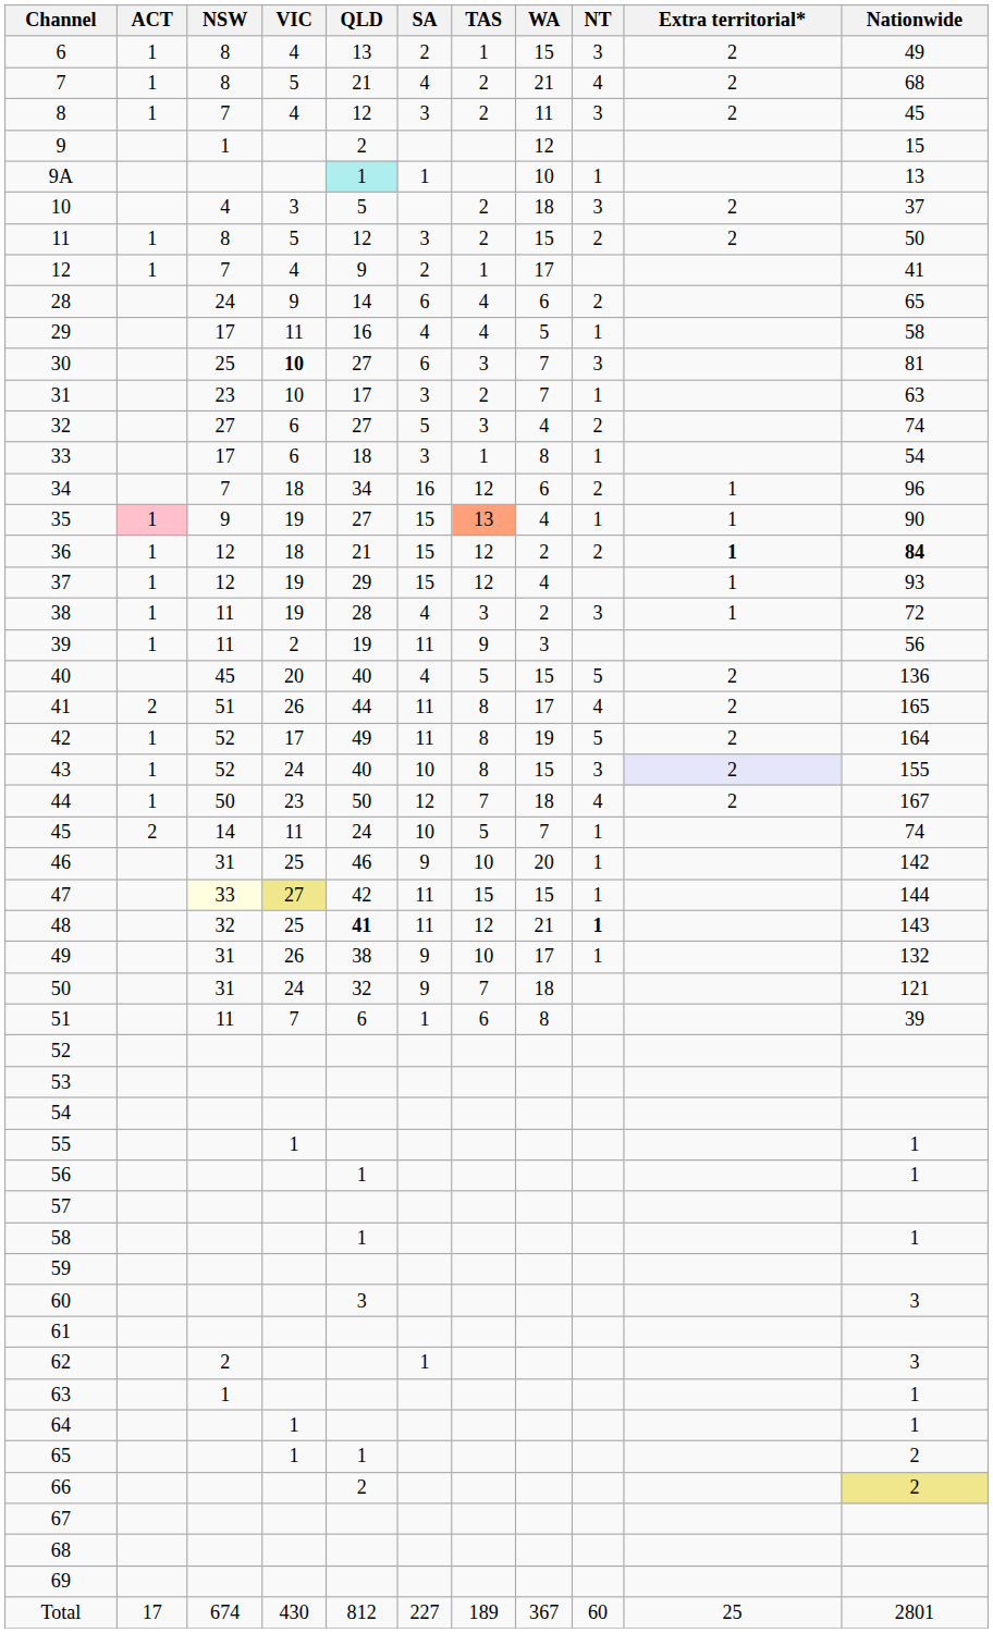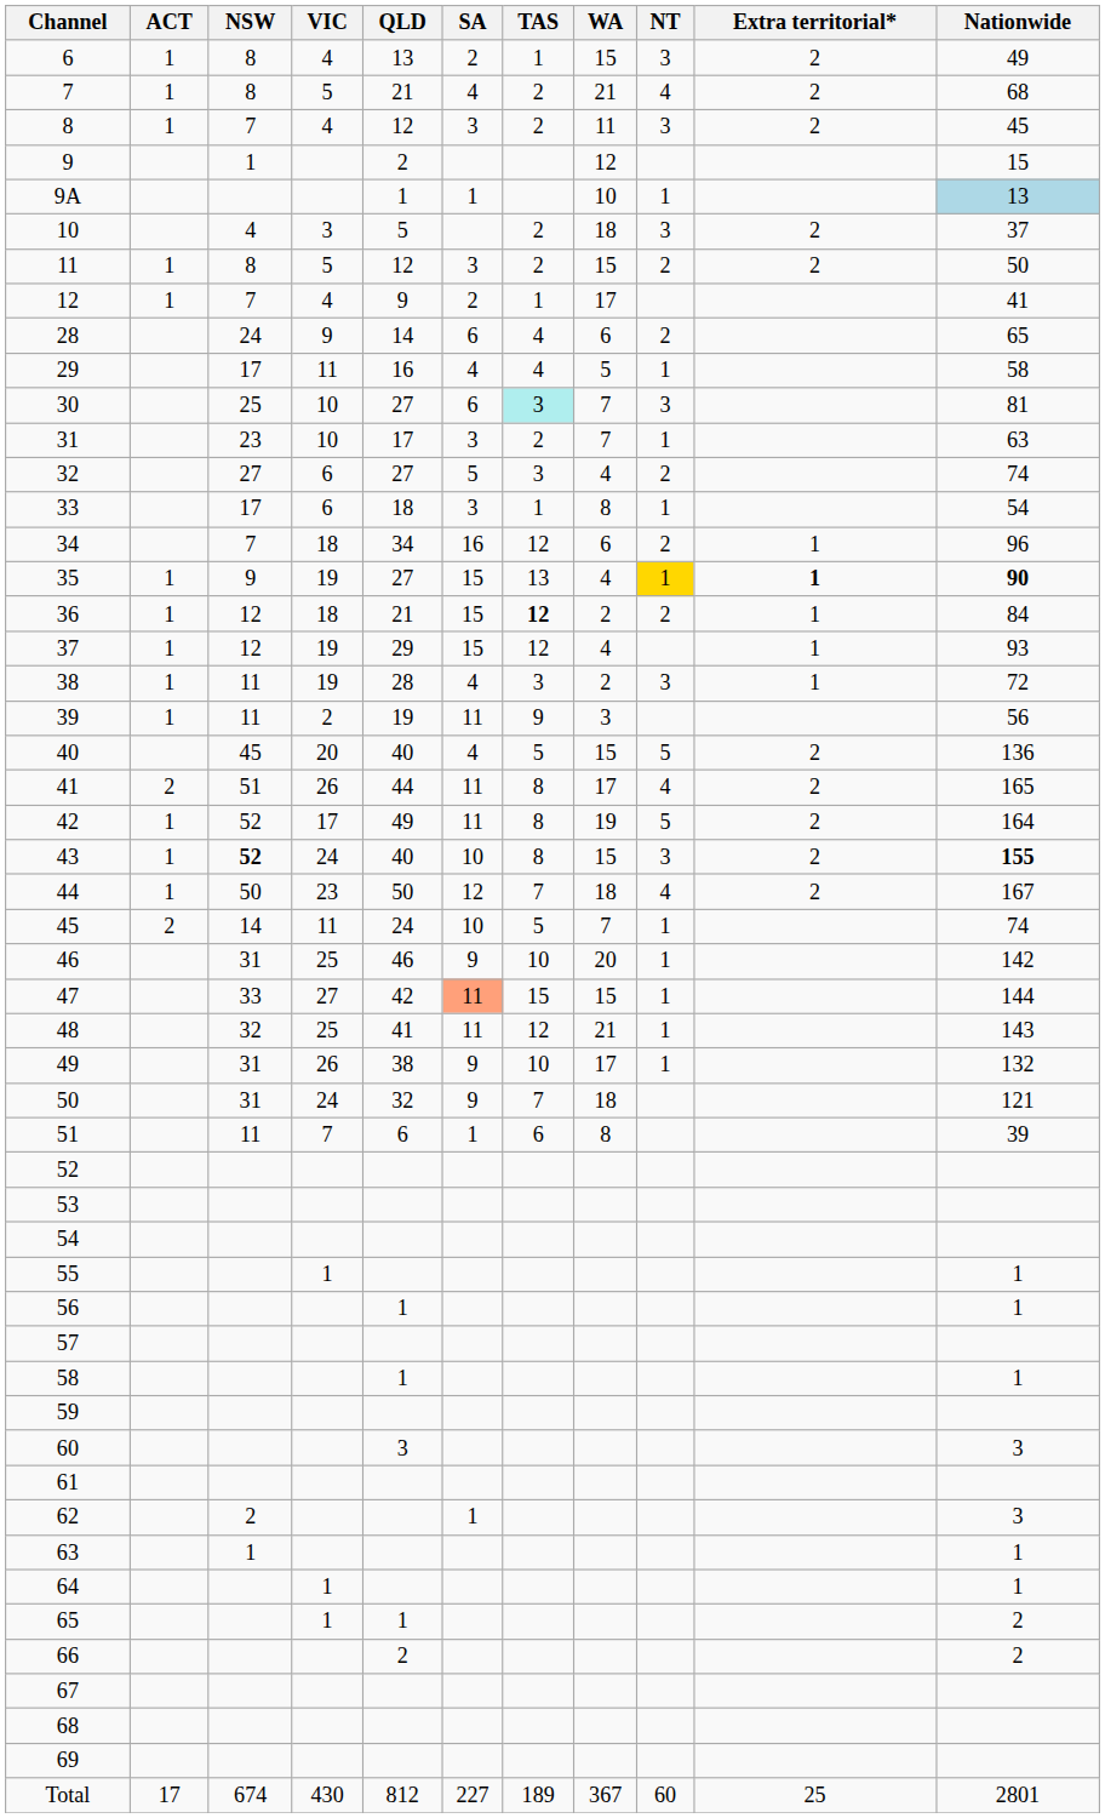 <table class="wikitable" style="text-align:center; width:800px; height:200px">
 <tr>
 <th>Channel</th>
 <th>ACT</th>
 <th>NSW</th>
 <th>VIC</th>
 <th>QLD</th>
 <th>SA</th>
 <th>TAS</th>
 <th>WA</th>
 <th>NT</th>
 <th>Extra territorial*</th>
 <th>Nationwide</th>
 </tr>
 <tr>
 <td>6</td>
 <td>1</td>
 <td>8</td>
 <td>4</td>
 <td>13</td>
 <td>2</td>
 <td>1</td>
 <td>15</td>
 <td>3</td>
 <td>2</td>
 <td>49</td>
 </tr>
 <tr>
 <td>7</td>
 <td>1</td>
 <td>8</td>
 <td>5</td>
 <td>21</td>
 <td>4</td>
 <td>2</td>
 <td>21</td>
 <td>4</td>
 <td>2</td>
 <td>68</td>
 </tr>
 <tr>
 <td>8</td>
 <td>1</td>
 <td>7</td>
 <td>4</td>
 <td>12</td>
 <td>3</td>
 <td>2</td>
 <td>11</td>
 <td>3</td>
 <td>2</td>
 <td>45</td>
 </tr>
 <tr>
 <td>9</td>
 <td></td>
 <td>1</td>
 <td></td>
 <td>2</td>
 <td></td>
 <td></td>
 <td>12</td>
 <td></td>
 <td></td>
 <td>15</td>
 </tr>
 <tr>
 <td>9A</td>
 <td></td>
 <td></td>
 <td></td>
-<td style="background: paleturquoise;">1</td>
+<td>1</td>
 <td>1</td>
 <td></td>
 <td>10</td>
 <td>1</td>
 <td></td>
-<td>13</td>
+<td style="background: lightblue;">13</td>
 </tr>
 <tr>
 <td>10</td>
 <td></td>
 <td>4</td>
 <td>3</td>
 <td>5</td>
 <td></td>
 <td>2</td>
 <td>18</td>
 <td>3</td>
 <td>2</td>
 <td>37</td>
 </tr>
 <tr>
 <td>11</td>
 <td>1</td>
 <td>8</td>
 <td>5</td>
 <td>12</td>
 <td>3</td>
 <td>2</td>
 <td>15</td>
 <td>2</td>
 <td>2</td>
 <td>50</td>
 </tr>
 <tr>
 <td>12</td>
 <td>1</td>
 <td>7</td>
 <td>4</td>
 <td>9</td>
 <td>2</td>
 <td>1</td>
 <td>17</td>
 <td></td>
 <td></td>
 <td>41</td>
 </tr>
 <tr>
 <td>28</td>
 <td></td>
 <td>24</td>
 <td>9</td>
 <td>14</td>
 <td>6</td>
 <td>4</td>
 <td>6</td>
 <td>2</td>
 <td></td>
 <td>65</td>
 </tr>
 <tr>
 <td>29</td>
 <td></td>
 <td>17</td>
 <td>11</td>
 <td>16</td>
 <td>4</td>
 <td>4</td>
 <td>5</td>
 <td>1</td>
 <td></td>
 <td>58</td>
 </tr>
 <tr>
 <td>30</td>
 <td></td>
 <td>25</td>
-<td><strong>10</strong></td>
+<td>10</td>
 <td>27</td>
 <td>6</td>
-<td>3</td>
+<td style="background: paleturquoise;">3</td>
 <td>7</td>
 <td>3</td>
 <td></td>
 <td>81</td>
 </tr>
 <tr>
 <td>31</td>
 <td></td>
 <td>23</td>
 <td>10</td>
 <td>17</td>
 <td>3</td>
 <td>2</td>
 <td>7</td>
 <td>1</td>
 <td></td>
 <td>63</td>
 </tr>
 <tr>
 <td>32</td>
 <td></td>
 <td>27</td>
 <td>6</td>
 <td>27</td>
 <td>5</td>
 <td>3</td>
 <td>4</td>
 <td>2</td>
 <td></td>
 <td>74</td>
 </tr>
 <tr>
 <td>33</td>
 <td></td>
 <td>17</td>
 <td>6</td>
 <td>18</td>
 <td>3</td>
 <td>1</td>
 <td>8</td>
 <td>1</td>
 <td></td>
 <td>54</td>
 </tr>
 <tr>
 <td>34</td>
 <td></td>
 <td>7</td>
 <td>18</td>
 <td>34</td>
 <td>16</td>
 <td>12</td>
 <td>6</td>
 <td>2</td>
 <td>1</td>
 <td>96</td>
 </tr>
 <tr>
 <td>35</td>
-<td style="background: pink;">1</td>
+<td>1</td>
 <td>9</td>
 <td>19</td>
 <td>27</td>
 <td>15</td>
-<td style="background: lightsalmon;">13</td>
+<td>13</td>
 <td>4</td>
-<td>1</td>
-<td>1</td>
-<td>90</td>
+<td style="background: gold;">1</td>
+<td><strong>1</strong></td>
+<td><strong>90</strong></td>
 </tr>
 <tr>
 <td>36</td>
 <td>1</td>
 <td>12</td>
 <td>18</td>
 <td>21</td>
 <td>15</td>
-<td>12</td>
+<td><strong>12</strong></td>
 <td>2</td>
 <td>2</td>
-<td><strong>1</strong></td>
-<td><strong>84</strong></td>
+<td>1</td>
+<td>84</td>
 </tr>
 <tr>
 <td>37</td>
 <td>1</td>
 <td>12</td>
 <td>19</td>
 <td>29</td>
 <td>15</td>
 <td>12</td>
 <td>4</td>
 <td></td>
 <td>1</td>
 <td>93</td>
 </tr>
 <tr>
 <td>38</td>
 <td>1</td>
 <td>11</td>
 <td>19</td>
 <td>28</td>
 <td>4</td>
 <td>3</td>
 <td>2</td>
 <td>3</td>
 <td>1</td>
 <td>72</td>
 </tr>
 <tr>
 <td>39</td>
 <td>1</td>
 <td>11</td>
 <td>2</td>
 <td>19</td>
 <td>11</td>
 <td>9</td>
 <td>3</td>
 <td></td>
 <td></td>
 <td>56</td>
 </tr>
 <tr>
 <td>40</td>
 <td></td>
 <td>45</td>
 <td>20</td>
 <td>40</td>
 <td>4</td>
 <td>5</td>
 <td>15</td>
 <td>5</td>
 <td>2</td>
 <td>136</td>
 </tr>
 <tr>
 <td>41</td>
 <td>2</td>
 <td>51</td>
 <td>26</td>
 <td>44</td>
 <td>11</td>
 <td>8</td>
 <td>17</td>
 <td>4</td>
 <td>2</td>
 <td>165</td>
 </tr>
 <tr>
 <td>42</td>
 <td>1</td>
 <td>52</td>
 <td>17</td>
 <td>49</td>
 <td>11</td>
 <td>8</td>
 <td>19</td>
 <td>5</td>
 <td>2</td>
 <td>164</td>
 </tr>
 <tr>
 <td>43</td>
 <td>1</td>
-<td>52</td>
+<td><strong>52</strong></td>
 <td>24</td>
 <td>40</td>
 <td>10</td>
 <td>8</td>
 <td>15</td>
 <td>3</td>
-<td style="background: lavender;">2</td>
-<td>155</td>
+<td>2</td>
+<td><strong>155</strong></td>
 </tr>
 <tr>
 <td>44</td>
 <td>1</td>
 <td>50</td>
 <td>23</td>
 <td>50</td>
 <td>12</td>
 <td>7</td>
 <td>18</td>
 <td>4</td>
 <td>2</td>
 <td>167</td>
 </tr>
 <tr>
 <td>45</td>
 <td>2</td>
 <td>14</td>
 <td>11</td>
 <td>24</td>
 <td>10</td>
 <td>5</td>
 <td>7</td>
 <td>1</td>
 <td></td>
 <td>74</td>
 </tr>
 <tr>
 <td>46</td>
 <td></td>
 <td>31</td>
 <td>25</td>
 <td>46</td>
 <td>9</td>
 <td>10</td>
 <td>20</td>
 <td>1</td>
 <td></td>
 <td>142</td>
 </tr>
 <tr>
 <td>47</td>
 <td></td>
-<td style="background: lightyellow;">33</td>
-<td style="background: khaki;">27</td>
+<td>33</td>
+<td>27</td>
 <td>42</td>
-<td>11</td>
+<td style="background: lightsalmon;">11</td>
 <td>15</td>
 <td>15</td>
 <td>1</td>
 <td></td>
 <td>144</td>
 </tr>
 <tr>
 <td>48</td>
 <td></td>
 <td>32</td>
 <td>25</td>
-<td><strong>41</strong></td>
+<td>41</td>
 <td>11</td>
 <td>12</td>
 <td>21</td>
-<td><strong>1</strong></td>
+<td>1</td>
 <td></td>
 <td>143</td>
 </tr>
 <tr>
 <td>49</td>
 <td></td>
 <td>31</td>
 <td>26</td>
 <td>38</td>
 <td>9</td>
 <td>10</td>
 <td>17</td>
 <td>1</td>
 <td></td>
 <td>132</td>
 </tr>
 <tr>
 <td>50</td>
 <td></td>
 <td>31</td>
 <td>24</td>
 <td>32</td>
 <td>9</td>
 <td>7</td>
 <td>18</td>
 <td></td>
 <td></td>
 <td>121</td>
 </tr>
 <tr>
 <td>51</td>
 <td></td>
 <td>11</td>
 <td>7</td>
 <td>6</td>
 <td>1</td>
 <td>6</td>
 <td>8</td>
 <td></td>
 <td></td>
 <td>39</td>
 </tr>
 <tr>
 <td>52</td>
 <td></td>
 <td></td>
 <td></td>
 <td></td>
 <td></td>
 <td></td>
 <td></td>
 <td></td>
 <td></td>
 <td></td>
 </tr>
 <tr>
 <td>53</td>
 <td></td>
 <td></td>
 <td></td>
 <td></td>
 <td></td>
 <td></td>
 <td></td>
 <td></td>
 <td></td>
 <td></td>
 </tr>
 <tr>
 <td>54</td>
 <td></td>
 <td></td>
 <td></td>
 <td></td>
 <td></td>
 <td></td>
 <td></td>
 <td></td>
 <td></td>
 <td></td>
 </tr>
 <tr>
 <td>55</td>
 <td></td>
 <td></td>
 <td>1</td>
 <td></td>
 <td></td>
 <td></td>
 <td></td>
 <td></td>
 <td></td>
 <td>1</td>
 </tr>
 <tr>
 <td>56</td>
 <td></td>
 <td></td>
 <td></td>
 <td>1</td>
 <td></td>
 <td></td>
 <td></td>
 <td></td>
 <td></td>
 <td>1</td>
 </tr>
 <tr>
 <td>57</td>
 <td></td>
 <td></td>
 <td></td>
 <td></td>
 <td></td>
 <td></td>
 <td></td>
 <td></td>
 <td></td>
 <td></td>
 </tr>
 <tr>
 <td>58</td>
 <td></td>
 <td></td>
 <td></td>
 <td>1</td>
 <td></td>
 <td></td>
 <td></td>
 <td></td>
 <td></td>
 <td>1</td>
 </tr>
 <tr>
 <td>59</td>
 <td></td>
 <td></td>
 <td></td>
 <td></td>
 <td></td>
 <td></td>
 <td></td>
 <td></td>
 <td></td>
 <td></td>
 </tr>
 <tr>
 <td>60</td>
 <td></td>
 <td></td>
 <td></td>
 <td>3</td>
 <td></td>
 <td></td>
 <td></td>
 <td></td>
 <td></td>
 <td>3</td>
 </tr>
 <tr>
 <td>61</td>
 <td></td>
 <td></td>
 <td></td>
 <td></td>
 <td></td>
 <td></td>
 <td></td>
 <td></td>
 <td></td>
 <td></td>
 </tr>
 <tr>
 <td>62</td>
 <td></td>
 <td>2</td>
 <td></td>
 <td></td>
 <td>1</td>
 <td></td>
 <td></td>
 <td></td>
 <td></td>
 <td>3</td>
 </tr>
 <tr>
 <td>63</td>
 <td></td>
 <td>1</td>
 <td></td>
 <td></td>
 <td></td>
 <td></td>
 <td></td>
 <td></td>
 <td></td>
 <td>1</td>
 </tr>
 <tr>
 <td>64</td>
 <td></td>
 <td></td>
 <td>1</td>
 <td></td>
 <td></td>
 <td></td>
 <td></td>
 <td></td>
 <td></td>
 <td>1</td>
 </tr>
 <tr>
 <td>65</td>
 <td></td>
 <td></td>
 <td>1</td>
 <td>1</td>
 <td></td>
 <td></td>
 <td></td>
 <td></td>
 <td></td>
 <td>2</td>
 </tr>
 <tr>
 <td>66</td>
 <td></td>
 <td></td>
 <td></td>
 <td>2</td>
 <td></td>
 <td></td>
 <td></td>
 <td></td>
 <td></td>
-<td style="background: khaki;">2</td>
+<td>2</td>
 </tr>
 <tr>
 <td>67</td>
 <td></td>
 <td></td>
 <td></td>
 <td></td>
 <td></td>
 <td></td>
 <td></td>
 <td></td>
 <td></td>
 <td></td>
 </tr>
 <tr>
 <td>68</td>
 <td></td>
 <td></td>
 <td></td>
 <td></td>
 <td></td>
 <td></td>
 <td></td>
 <td></td>
 <td></td>
 <td></td>
 </tr>
 <tr>
 <td>69</td>
 <td></td>
 <td></td>
 <td></td>
 <td></td>
 <td></td>
 <td></td>
 <td></td>
 <td></td>
 <td></td>
 <td></td>
 </tr>
 <tr>
 <td>Total</td>
 <td>17</td>
 <td>674</td>
 <td>430</td>
 <td>812</td>
 <td>227</td>
 <td>189</td>
 <td>367</td>
 <td>60</td>
 <td>25</td>
 <td>2801</td>
 </tr>
 <tr>
 </tr>
 </table>
